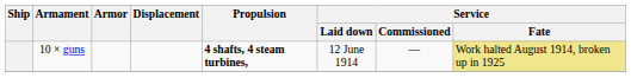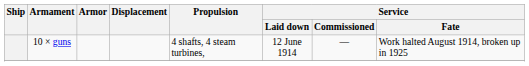 <table class="wikitable plainrowheaders">
 <tr valign="top"|- valign="top">
 <th align= center scope=col rowspan=2>Ship</th>
 <th align= center scope=col rowspan=2>Armament</th>
 <th align= center scope=col rowspan=2>Armor</th>
 <th align= center scope=col rowspan=2>Displacement</th>
 <th align= center scope=col rowspan=2>Propulsion</th>
 <th align= center scope=col colspan=3>Service</th>
 </tr>
 <tr valign="top">
 <th align= center scope=col>Laid down</th>
 <th align= center scope=col>Commissioned</th>
 <th align= center scope=col>Fate</th>
 </tr>
 <tr valign="top">
 <th scope=row align= left></th>
 <td align= center>10 × <a href='#'> guns</a></td>
 <td align= center></td>
 <td align= center></td>
-<td align= left><strong>4 shafts, 4 steam turbines, </strong></td>
+<td align= left>4 shafts, 4 steam turbines, </td>
 <td align= center>12 June 1914</td>
 <td align= center>—</td>
-<td align= left style="background: khaki;">Work halted August 1914, broken up in 1925</td>
+<td align= left>Work halted August 1914, broken up in 1925</td>
 </tr>
 <tr valign="top">
 </tr>
 <tr>
 </tr>
 </table>
